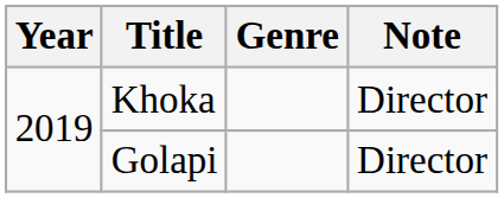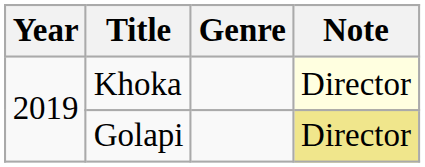 <table class="wikitable">
 <tr>
 <th>Year</th>
 <th>Title</th>
 <th>Genre</th>
 <th>Note</th>
 </tr>
 <tr>
 <td rowspan="2">2019</td>
 <td>Khoka</td>
 <td></td>
-<td>Director</td>
+<td style="background: lightyellow;">Director</td>
 </tr>
 <tr>
 <td>Golapi</td>
 <td></td>
-<td>Director</td>
+<td style="background: khaki;">Director</td>
 </tr>
 </table>
